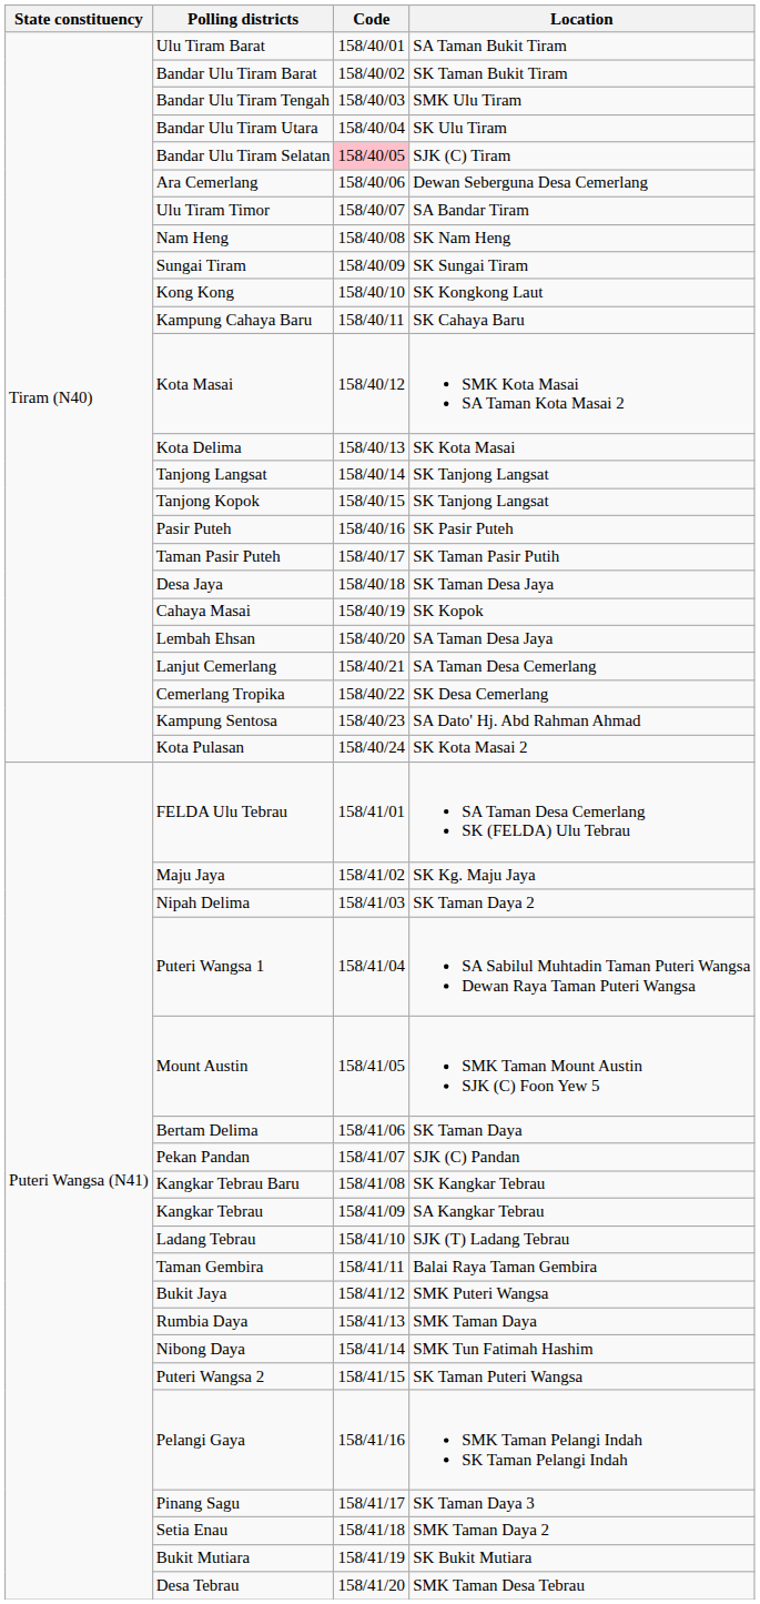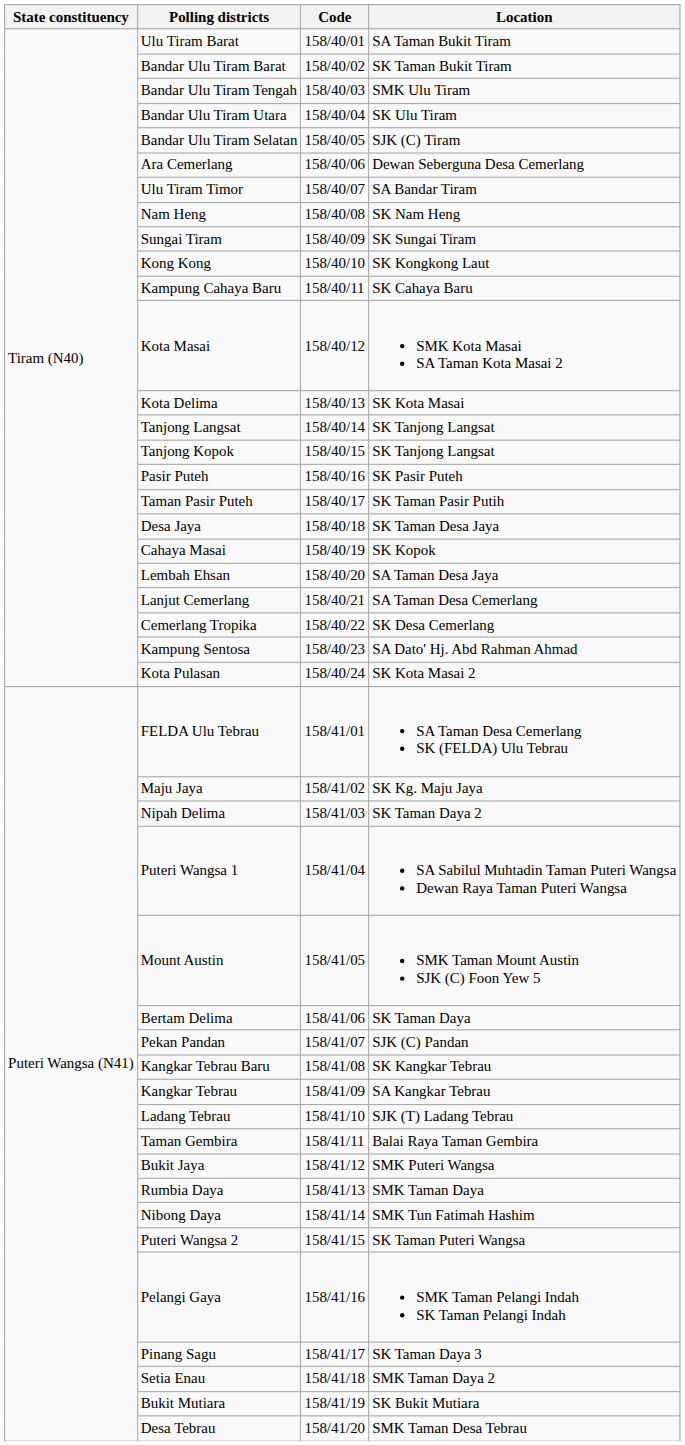 <table class="wikitable sortable mw-collapsible" style="white-space:nowrap;font-size:85%">
 <tr>
 <th>State constituency</th>
 <th>Polling districts</th>
 <th>Code</th>
 <th>Location</th>
 </tr>
 <tr>
 <td rowspan="24">Tiram (N40)</td>
 <td>Ulu Tiram Barat</td>
 <td>158/40/01</td>
 <td>SA Taman Bukit Tiram</td>
 </tr>
 <tr>
 <td>Bandar Ulu Tiram Barat</td>
 <td>158/40/02</td>
 <td>SK Taman Bukit Tiram</td>
 </tr>
 <tr>
 <td>Bandar Ulu Tiram Tengah</td>
 <td>158/40/03</td>
 <td>SMK Ulu Tiram</td>
 </tr>
 <tr>
 <td>Bandar Ulu Tiram Utara</td>
 <td>158/40/04</td>
 <td>SK Ulu Tiram</td>
 </tr>
 <tr>
 <td>Bandar Ulu Tiram Selatan</td>
-<td style="background: pink;">158/40/05</td>
+<td>158/40/05</td>
 <td>SJK (C) Tiram</td>
 </tr>
 <tr>
 <td>Ara Cemerlang</td>
 <td>158/40/06</td>
 <td>Dewan Seberguna Desa Cemerlang</td>
 </tr>
 <tr>
 <td>Ulu Tiram Timor</td>
 <td>158/40/07</td>
 <td>SA Bandar Tiram</td>
 </tr>
 <tr>
 <td>Nam Heng</td>
 <td>158/40/08</td>
 <td>SK Nam Heng</td>
 </tr>
 <tr>
 <td>Sungai Tiram</td>
 <td>158/40/09</td>
 <td>SK Sungai Tiram</td>
 </tr>
 <tr>
 <td>Kong Kong</td>
 <td>158/40/10</td>
 <td>SK Kongkong Laut</td>
 </tr>
 <tr>
 <td>Kampung Cahaya Baru</td>
 <td>158/40/11</td>
 <td>SK Cahaya Baru</td>
 </tr>
 <tr>
 <td>Kota Masai</td>
 <td>158/40/12</td>
 <td><br><ul><li>SMK Kota Masai</li><li>SA Taman Kota Masai 2</li></ul></td>
 </tr>
 <tr>
 <td>Kota Delima</td>
 <td>158/40/13</td>
 <td>SK Kota Masai</td>
 </tr>
 <tr>
 <td>Tanjong Langsat</td>
 <td>158/40/14</td>
 <td>SK Tanjong Langsat</td>
 </tr>
 <tr>
 <td>Tanjong Kopok</td>
 <td>158/40/15</td>
 <td>SK Tanjong Langsat</td>
 </tr>
 <tr>
 <td>Pasir Puteh</td>
 <td>158/40/16</td>
 <td>SK Pasir Puteh</td>
 </tr>
 <tr>
 <td>Taman Pasir Puteh</td>
 <td>158/40/17</td>
 <td>SK Taman Pasir Putih</td>
 </tr>
 <tr>
 <td>Desa Jaya</td>
 <td>158/40/18</td>
 <td>SK Taman Desa Jaya</td>
 </tr>
 <tr>
 <td>Cahaya Masai</td>
 <td>158/40/19</td>
 <td>SK Kopok</td>
 </tr>
 <tr>
 <td>Lembah Ehsan</td>
 <td>158/40/20</td>
 <td>SA Taman Desa Jaya</td>
 </tr>
 <tr>
 <td>Lanjut Cemerlang</td>
 <td>158/40/21</td>
 <td>SA Taman Desa Cemerlang</td>
 </tr>
 <tr>
 <td>Cemerlang Tropika</td>
 <td>158/40/22</td>
 <td>SK Desa Cemerlang</td>
 </tr>
 <tr>
 <td>Kampung Sentosa</td>
 <td>158/40/23</td>
 <td>SA Dato' Hj. Abd Rahman Ahmad</td>
 </tr>
 <tr>
 <td>Kota Pulasan</td>
 <td>158/40/24</td>
 <td>SK Kota Masai 2</td>
 </tr>
 <tr>
 <td rowspan="20">Puteri Wangsa (N41)</td>
 <td>FELDA Ulu Tebrau</td>
 <td>158/41/01</td>
 <td><br><ul><li>SA Taman Desa Cemerlang</li><li>SK (FELDA) Ulu Tebrau</li></ul></td>
 </tr>
 <tr>
 <td>Maju Jaya</td>
 <td>158/41/02</td>
 <td>SK Kg. Maju Jaya</td>
 </tr>
 <tr>
 <td>Nipah Delima</td>
 <td>158/41/03</td>
 <td>SK Taman Daya 2</td>
 </tr>
 <tr>
 <td>Puteri Wangsa 1</td>
 <td>158/41/04</td>
 <td><br><ul><li>SA Sabilul Muhtadin Taman Puteri Wangsa</li><li>Dewan Raya Taman Puteri Wangsa</li></ul></td>
 </tr>
 <tr>
 <td>Mount Austin</td>
 <td>158/41/05</td>
 <td><br><ul><li>SMK Taman Mount Austin</li><li>SJK (C) Foon Yew 5</li></ul></td>
 </tr>
 <tr>
 <td>Bertam Delima</td>
 <td>158/41/06</td>
 <td>SK Taman Daya</td>
 </tr>
 <tr>
 <td>Pekan Pandan</td>
 <td>158/41/07</td>
 <td>SJK (C) Pandan</td>
 </tr>
 <tr>
 <td>Kangkar Tebrau Baru</td>
 <td>158/41/08</td>
 <td>SK Kangkar Tebrau</td>
 </tr>
 <tr>
 <td>Kangkar Tebrau</td>
 <td>158/41/09</td>
 <td>SA Kangkar Tebrau</td>
 </tr>
 <tr>
 <td>Ladang Tebrau</td>
 <td>158/41/10</td>
 <td>SJK (T) Ladang Tebrau</td>
 </tr>
 <tr>
 <td>Taman Gembira</td>
 <td>158/41/11</td>
 <td>Balai Raya Taman Gembira</td>
 </tr>
 <tr>
 <td>Bukit Jaya</td>
 <td>158/41/12</td>
 <td>SMK Puteri Wangsa</td>
 </tr>
 <tr>
 <td>Rumbia Daya</td>
 <td>158/41/13</td>
 <td>SMK Taman Daya</td>
 </tr>
 <tr>
 <td>Nibong Daya</td>
 <td>158/41/14</td>
 <td>SMK Tun Fatimah Hashim</td>
 </tr>
 <tr>
 <td>Puteri Wangsa 2</td>
 <td>158/41/15</td>
 <td>SK Taman Puteri Wangsa</td>
 </tr>
 <tr>
 <td>Pelangi Gaya</td>
 <td>158/41/16</td>
 <td><br><ul><li>SMK Taman Pelangi Indah</li><li>SK Taman Pelangi Indah</li></ul></td>
 </tr>
 <tr>
 <td>Pinang Sagu</td>
 <td>158/41/17</td>
 <td>SK Taman Daya 3</td>
 </tr>
 <tr>
 <td>Setia Enau</td>
 <td>158/41/18</td>
 <td>SMK Taman Daya 2</td>
 </tr>
 <tr>
 <td>Bukit Mutiara</td>
 <td>158/41/19</td>
 <td>SK Bukit Mutiara</td>
 </tr>
 <tr>
 <td>Desa Tebrau</td>
 <td>158/41/20</td>
 <td>SMK Taman Desa Tebrau</td>
 </tr>
 </table>
